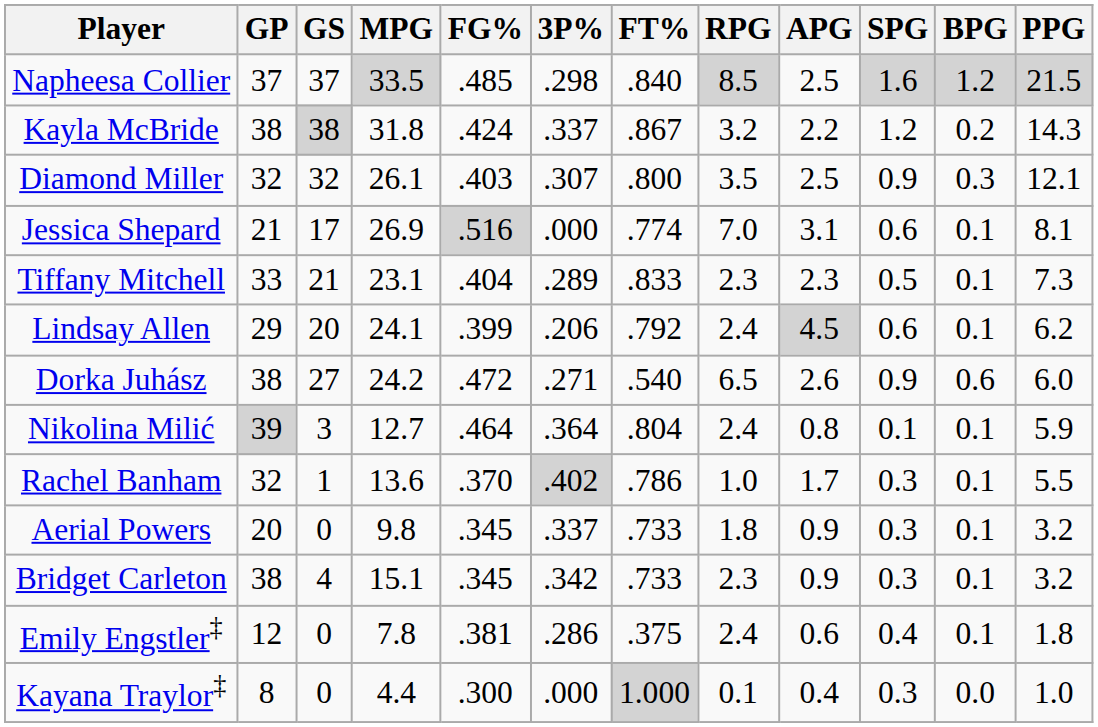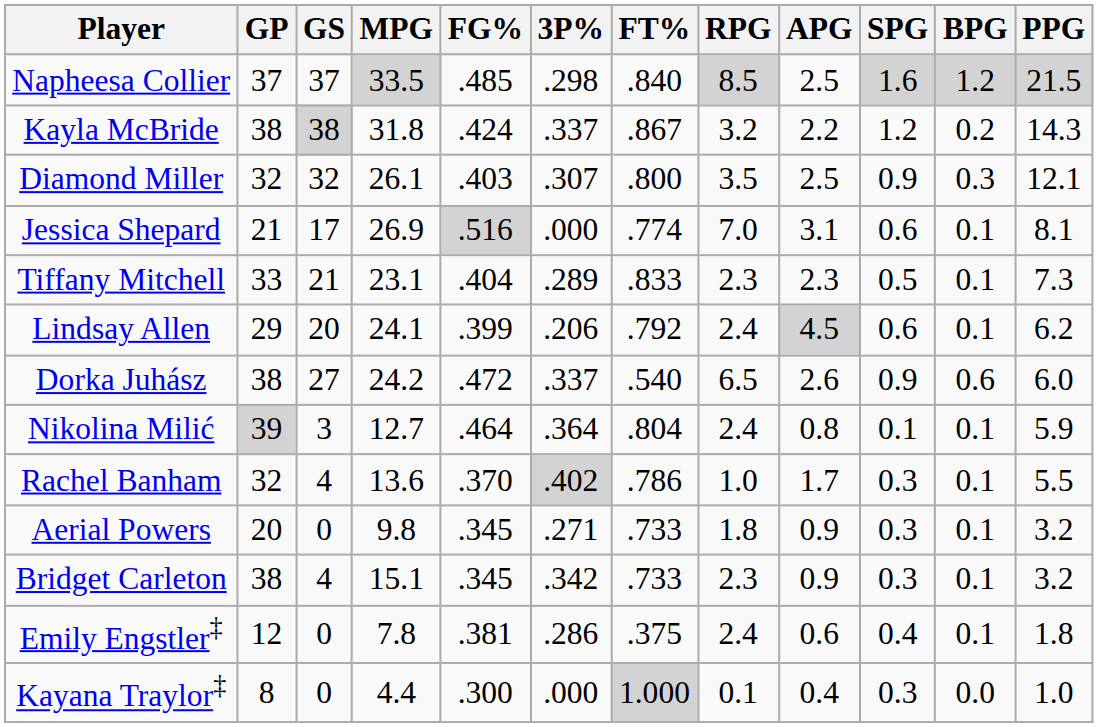 <table class="wikitable sortable" style="text-align:center;">
 <tr>
 <th>Player</th>
 <th>GP</th>
 <th>GS</th>
 <th>MPG</th>
 <th>FG%</th>
 <th>3P%</th>
 <th>FT%</th>
 <th>RPG</th>
 <th>APG</th>
 <th>SPG</th>
 <th>BPG</th>
 <th>PPG</th>
 </tr>
 <tr>
 <td><a href='#'>Napheesa Collier</a></td>
 <td>37</td>
 <td>37</td>
 <td style="background:#D3D3D3;">33.5</td>
 <td>.485</td>
 <td>.298</td>
 <td>.840</td>
 <td style="background:#D3D3D3;">8.5</td>
 <td>2.5</td>
 <td style="background:#D3D3D3;">1.6</td>
 <td style="background:#D3D3D3;">1.2</td>
 <td style="background:#D3D3D3;">21.5</td>
 </tr>
 <tr>
 <td><a href='#'>Kayla McBride</a></td>
 <td>38</td>
 <td style="background:#D3D3D3;">38</td>
 <td>31.8</td>
 <td>.424</td>
 <td>.337</td>
 <td>.867</td>
 <td>3.2</td>
 <td>2.2</td>
 <td>1.2</td>
 <td>0.2</td>
 <td>14.3</td>
 </tr>
 <tr>
 <td><a href='#'>Diamond Miller</a></td>
 <td>32</td>
 <td>32</td>
 <td>26.1</td>
 <td>.403</td>
 <td>.307</td>
 <td>.800</td>
 <td>3.5</td>
 <td>2.5</td>
 <td>0.9</td>
 <td>0.3</td>
 <td>12.1</td>
 </tr>
 <tr>
 <td><a href='#'>Jessica Shepard</a></td>
 <td>21</td>
 <td>17</td>
 <td>26.9</td>
 <td style="background:#D3D3D3;">.516</td>
 <td>.000</td>
 <td>.774</td>
 <td>7.0</td>
 <td>3.1</td>
 <td>0.6</td>
 <td>0.1</td>
 <td>8.1</td>
 </tr>
 <tr>
 <td><a href='#'>Tiffany Mitchell</a></td>
 <td>33</td>
 <td>21</td>
 <td>23.1</td>
 <td>.404</td>
 <td>.289</td>
 <td>.833</td>
 <td>2.3</td>
 <td>2.3</td>
 <td>0.5</td>
 <td>0.1</td>
 <td>7.3</td>
 </tr>
 <tr>
 <td><a href='#'>Lindsay Allen</a></td>
 <td>29</td>
 <td>20</td>
 <td>24.1</td>
 <td>.399</td>
 <td>.206</td>
 <td>.792</td>
 <td>2.4</td>
 <td style="background:#D3D3D3;">4.5</td>
 <td>0.6</td>
 <td>0.1</td>
 <td>6.2</td>
 </tr>
 <tr>
 <td><a href='#'>Dorka Juhász</a></td>
 <td>38</td>
 <td>27</td>
 <td>24.2</td>
 <td>.472</td>
-<td>.271</td>
+<td>.337</td>
 <td>.540</td>
 <td>6.5</td>
 <td>2.6</td>
 <td>0.9</td>
 <td>0.6</td>
 <td>6.0</td>
 </tr>
 <tr>
 <td><a href='#'>Nikolina Milić</a></td>
 <td style="background:#D3D3D3;">39</td>
 <td>3</td>
 <td>12.7</td>
 <td>.464</td>
 <td>.364</td>
 <td>.804</td>
 <td>2.4</td>
 <td>0.8</td>
 <td>0.1</td>
 <td>0.1</td>
 <td>5.9</td>
 </tr>
 <tr>
 <td><a href='#'>Rachel Banham</a></td>
 <td>32</td>
-<td>1</td>
+<td>4</td>
 <td>13.6</td>
 <td>.370</td>
 <td style="background:#D3D3D3;">.402</td>
 <td>.786</td>
 <td>1.0</td>
 <td>1.7</td>
 <td>0.3</td>
 <td>0.1</td>
 <td>5.5</td>
 </tr>
 <tr>
 <td><a href='#'>Aerial Powers</a></td>
 <td>20</td>
 <td>0</td>
 <td>9.8</td>
 <td>.345</td>
-<td>.337</td>
+<td>.271</td>
 <td>.733</td>
 <td>1.8</td>
 <td>0.9</td>
 <td>0.3</td>
 <td>0.1</td>
 <td>3.2</td>
 </tr>
 <tr>
 <td><a href='#'>Bridget Carleton</a></td>
 <td>38</td>
 <td>4</td>
 <td>15.1</td>
 <td>.345</td>
 <td>.342</td>
 <td>.733</td>
 <td>2.3</td>
 <td>0.9</td>
 <td>0.3</td>
 <td>0.1</td>
 <td>3.2</td>
 </tr>
 <tr>
 <td><a href='#'>Emily Engstler</a><sup>‡</sup></td>
 <td>12</td>
 <td>0</td>
 <td>7.8</td>
 <td>.381</td>
 <td>.286</td>
 <td>.375</td>
 <td>2.4</td>
 <td>0.6</td>
 <td>0.4</td>
 <td>0.1</td>
 <td>1.8</td>
 </tr>
 <tr>
 <td><a href='#'>Kayana Traylor</a><sup>‡</sup></td>
 <td>8</td>
 <td>0</td>
 <td>4.4</td>
 <td>.300</td>
 <td>.000</td>
 <td style="background:#D3D3D3;">1.000</td>
 <td>0.1</td>
 <td>0.4</td>
 <td>0.3</td>
 <td>0.0</td>
 <td>1.0</td>
 </tr>
 </table>
